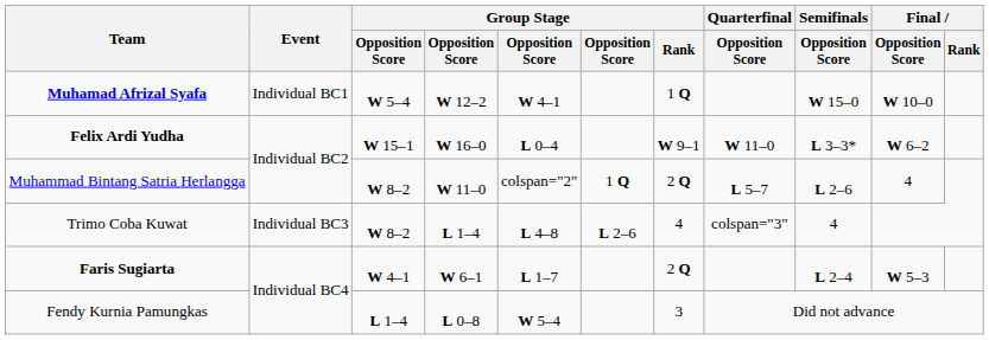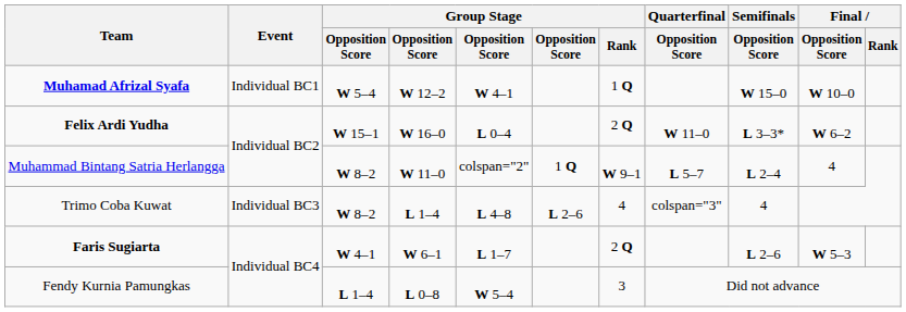 <table class="wikitable" style="font-size:85%">
 <tr>
 <th rowspan=2>Team</th>
 <th rowspan=2>Event</th>
 <th colspan=5>Group Stage</th>
 <th>Quarterfinal</th>
 <th>Semifinals</th>
 <th colspan=2>Final / </th>
 </tr>
 <tr style="font-size:90%">
 <th>Opposition<br>Score</th>
 <th>Opposition<br>Score</th>
 <th>Opposition<br>Score</th>
 <th>Opposition<br>Score</th>
 <th>Rank</th>
 <th>Opposition<br>Score</th>
 <th>Opposition<br>Score</th>
 <th>Opposition<br>Score</th>
 <th>Rank</th>
 </tr>
 <tr align=center>
 <td align=center><strong><a href='#'>Muhamad Afrizal Syafa</a></strong></td>
 <td align=center>Individual BC1</td>
 <td align=center><br><strong>W</strong> 5–4</td>
 <td align=center><br><strong>W</strong> 12–2</td>
 <td align=center><br><strong>W</strong> 4–1</td>
 <td></td>
 <td>1 <strong>Q</strong></td>
 <td></td>
 <td align=center><br><strong>W</strong> 15–0</td>
 <td align=center><br><strong>W</strong> 10–0</td>
 <td></td>
 </tr>
 <tr align=center>
 <td align=center><strong>Felix Ardi Yudha</strong></td>
 <td align=center rowspan="2">Individual BC2</td>
 <td align=center><br><strong>W</strong> 15–1</td>
 <td align=center><br><strong>W</strong> 16–0</td>
 <td align=center><br><strong>L</strong> 0–4</td>
 <td></td>
-<td align=center><br><strong>W</strong> 9–1</td>
+<td>2 <strong>Q</strong></td>
 <td align=center><br><strong>W</strong> 11–0</td>
 <td align=center><br><strong>L</strong> 3–3*</td>
 <td align=center><br><strong>W</strong> 6–2</td>
 <td></td>
 </tr>
 <tr align=center>
 <td align=center><a href='#'>Muhammad Bintang Satria Herlangga</a></td>
 <td align=center><br><strong>W</strong> 8–2</td>
 <td align=center><br><strong>W</strong> 11–0</td>
 <td>colspan="2" </td>
 <td>1 <strong>Q</strong></td>
-<td>2 <strong>Q</strong></td>
+<td align=center><br><strong>W</strong> 9–1</td>
 <td align=center><br><strong>L</strong> 5–7</td>
-<td align=center><br><strong>L</strong> 2–6</td>
+<td align=center><br><strong>L</strong> 2–4</td>
 <td>4</td>
 </tr>
 <tr align=center>
 <td align=center>Trimo Coba Kuwat</td>
 <td align=center>Individual BC3</td>
 <td align=center><br><strong>W</strong> 8–2</td>
 <td align=center><br><strong>L</strong> 1–4</td>
 <td align=center><br><strong>L</strong> 4–8</td>
 <td align=center><br><strong>L</strong> 2–6</td>
 <td>4</td>
 <td>colspan="3" </td>
 <td>4</td>
 </tr>
 <tr align=center>
 <td align=center><strong>Faris Sugiarta</strong></td>
 <td align=center rowspan="2">Individual BC4</td>
 <td align=center><br><strong>W</strong> 4–1</td>
 <td align=center><br><strong>W</strong> 6–1</td>
 <td align=center><br><strong>L</strong> 1–7</td>
 <td></td>
 <td>2 <strong>Q</strong></td>
 <td></td>
-<td align=center><br><strong>L</strong> 2–4</td>
+<td align=center><br><strong>L</strong> 2–6</td>
 <td align=center><br><strong>W</strong> 5–3</td>
 <td></td>
 </tr>
 <tr align=center>
 <td align=center>Fendy Kurnia Pamungkas</td>
 <td align=center><br><strong>L</strong> 1–4</td>
 <td align=center><br><strong>L</strong> 0–8</td>
 <td align=center><br><strong>W</strong> 5–4</td>
 <td></td>
 <td>3</td>
 <td colspan="4">Did not advance</td>
 </tr>
 </table>
